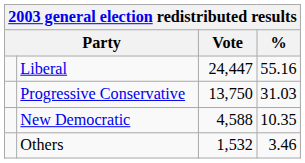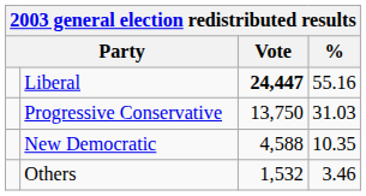 <table class="wikitable">
 <tr>
 <th colspan="4"><a href='#'>2003 general election</a> redistributed results</th>
 </tr>
 <tr>
 <th bgcolor="#DDDDFF" width="130px" colspan="2">Party</th>
 <th bgcolor="#DDDDFF" width="50px">Vote</th>
 <th bgcolor="#DDDDFF" width="30px">%</th>
 </tr>
 <tr>
 <td> </td>
 <td><a href='#'>Liberal</a></td>
-<td align=right>24,447</td>
+<td align=right><strong>24,447</strong></td>
 <td align=right>55.16</td>
 </tr>
 <tr>
 <td> </td>
 <td><a href='#'>Progressive Conservative</a></td>
 <td align=right>13,750</td>
 <td align=right>31.03</td>
 </tr>
 <tr>
 <td> </td>
 <td><a href='#'>New Democratic</a></td>
 <td align=right>4,588</td>
 <td align=right>10.35</td>
 </tr>
 <tr>
 <td> </td>
 <td>Others</td>
 <td align=right>1,532</td>
 <td align=right>3.46</td>
 </tr>
 </table>
